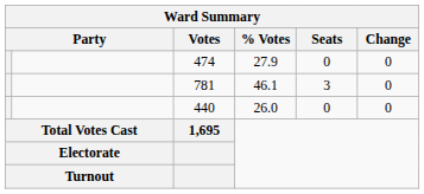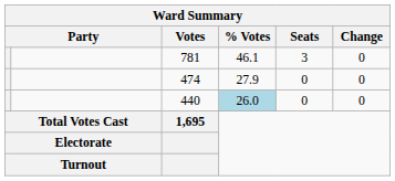 <table class="wikitable" style="font-size: 95%;">
 <tr style="background-color:#E9E9E9">
 <th colspan="6">Ward Summary</th>
 </tr>
 <tr style="background-color:#E9E9E9">
 <th colspan="2">Party</th>
 <th style="width: 60px">Votes</th>
 <th style="width: 60px">% Votes</th>
 <th style="width: 60px">Seats</th>
 <th style="width: 60px">Change</th>
 </tr>
 <tr>
 <th style="background-color: "></th>
 <td style="width: 170px"><a href='#'></a></td>
+<td align="center">781</td>
+<td align="center">46.1</td>
+<td align="center">3</td>
+<td align="center">0</td>
+</tr>
+<tr>
+<th style="background-color: "></th>
+<td style="width: 170px"><a href='#'></a></td>
 <td align="center">474</td>
 <td align="center">27.9</td>
 <td align="center">0</td>
 <td align="center">0</td>
 </tr>
 <tr>
 <th style="background-color: "></th>
 <td style="width: 170px"><a href='#'></a></td>
-<td align="center">781</td>
-<td align="center">46.1</td>
-<td align="center">3</td>
-<td align="center">0</td>
-</tr>
-<tr>
-<th style="background-color: "></th>
-<td style="width: 170px"><a href='#'></a></td>
 <td align="center">440</td>
-<td align="center">26.0</td>
+<td align="center" style="background: lightblue;">26.0</td>
 <td align="center">0</td>
 <td align="center">0</td>
 </tr>
 <tr style="background-color:#E9E9E9">
 <th colspan="2">Total Votes Cast</th>
 <th style="width: 60px">1,695</th>
 </tr>
 <tr style="background-color:#E9E9E9">
 <th colspan="2">Electorate</th>
 <th style="width: 60px"></th>
 </tr>
 <tr style="background-color:#E9E9E9">
 <th colspan="2">Turnout</th>
 <th style="width: 60px"></th>
 </tr>
 </table>
